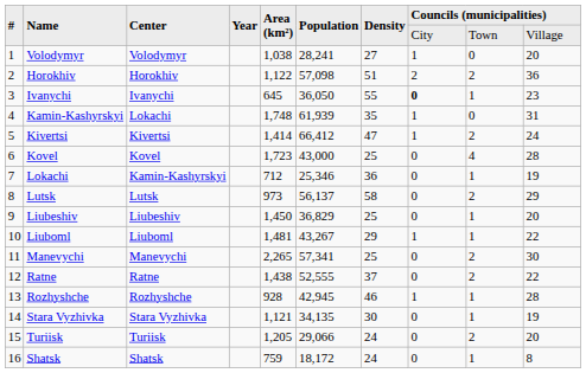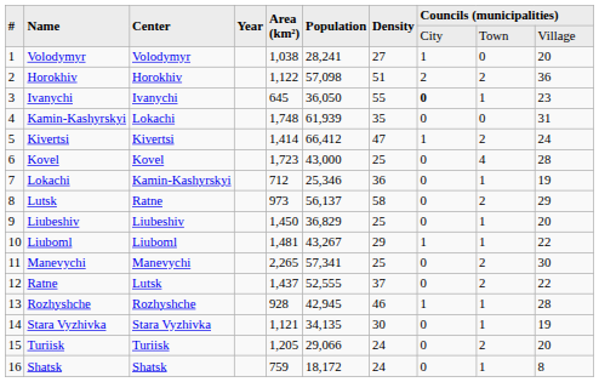 <table class="wikitable">
 <tr bgcolor="#ECECEC">
 <td rowspan=2><strong>#</strong></td>
 <td rowspan=2><strong>Name</strong></td>
 <td rowspan=2><strong>Center</strong></td>
 <td rowspan=2><strong>Year</strong></td>
 <td rowspan=2><strong>Area<br>(km²)</strong></td>
 <td rowspan=2><strong>Population</strong></td>
 <td rowspan=2><strong>Density</strong></td>
 <td colspan=3><strong>Councils (municipalities)</strong></td>
 </tr>
 <tr bgcolor="#ECECEC">
 <td width=10%>City</td>
 <td width=10%>Town</td>
 <td width=10%>Village</td>
 </tr>
 <tr>
 <td>1</td>
 <td><a href='#'>Volodymyr</a></td>
 <td><a href='#'>Volodymyr</a></td>
 <td></td>
 <td>1,038</td>
 <td>28,241</td>
 <td>27</td>
 <td>1</td>
 <td>0</td>
 <td>20</td>
 </tr>
 <tr>
 <td>2</td>
 <td><a href='#'>Horokhiv</a></td>
 <td><a href='#'>Horokhiv</a></td>
 <td></td>
 <td>1,122</td>
 <td>57,098</td>
 <td>51</td>
 <td>2</td>
 <td>2</td>
 <td>36</td>
 </tr>
 <tr>
 <td>3</td>
 <td><a href='#'>Ivanychi</a></td>
 <td><a href='#'>Ivanychi</a></td>
 <td></td>
 <td>645</td>
 <td>36,050</td>
 <td>55</td>
 <td><strong>0</strong></td>
 <td>1</td>
 <td>23</td>
 </tr>
 <tr>
 <td>4</td>
 <td><a href='#'>Kamin-Kashyrskyi</a></td>
 <td><a href='#'>Lokachi</a></td>
 <td></td>
 <td>1,748</td>
 <td>61,939</td>
 <td>35</td>
-<td>1</td>
+<td>0</td>
 <td>0</td>
 <td>31</td>
 </tr>
 <tr>
 <td>5</td>
 <td><a href='#'>Kivertsi</a></td>
 <td><a href='#'>Kivertsi</a></td>
 <td></td>
 <td>1,414</td>
 <td>66,412</td>
 <td>47</td>
 <td>1</td>
 <td>2</td>
 <td>24</td>
 </tr>
 <tr>
 <td>6</td>
 <td><a href='#'>Kovel</a></td>
 <td><a href='#'>Kovel</a></td>
 <td></td>
 <td>1,723</td>
 <td>43,000</td>
 <td>25</td>
 <td>0</td>
 <td>4</td>
 <td>28</td>
 </tr>
 <tr>
 <td>7</td>
 <td><a href='#'>Lokachi</a></td>
 <td><a href='#'>Kamin-Kashyrskyi</a></td>
 <td></td>
 <td>712</td>
 <td>25,346</td>
 <td>36</td>
 <td>0</td>
 <td>1</td>
 <td>19</td>
 </tr>
 <tr>
 <td>8</td>
 <td><a href='#'>Lutsk</a></td>
-<td><a href='#'>Lutsk</a></td>
+<td><a href='#'>Ratne</a></td>
 <td></td>
 <td>973</td>
 <td>56,137</td>
 <td>58</td>
 <td>0</td>
 <td>2</td>
 <td>29</td>
 </tr>
 <tr>
 <td>9</td>
 <td><a href='#'>Liubeshiv</a></td>
 <td><a href='#'>Liubeshiv</a></td>
 <td></td>
 <td>1,450</td>
 <td>36,829</td>
 <td>25</td>
 <td>0</td>
 <td>1</td>
 <td>20</td>
 </tr>
 <tr>
 <td>10</td>
 <td><a href='#'>Liuboml</a></td>
 <td><a href='#'>Liuboml</a></td>
 <td></td>
 <td>1,481</td>
 <td>43,267</td>
 <td>29</td>
 <td>1</td>
 <td>1</td>
 <td>22</td>
 </tr>
 <tr>
 <td>11</td>
 <td><a href='#'>Manevychi</a></td>
 <td><a href='#'>Manevychi</a></td>
 <td></td>
 <td>2,265</td>
 <td>57,341</td>
 <td>25</td>
 <td>0</td>
 <td>2</td>
 <td>30</td>
 </tr>
 <tr>
 <td>12</td>
 <td><a href='#'>Ratne</a></td>
-<td><a href='#'>Ratne</a></td>
+<td><a href='#'>Lutsk</a></td>
 <td></td>
-<td>1,438</td>
+<td>1,437</td>
 <td>52,555</td>
 <td>37</td>
 <td>0</td>
 <td>2</td>
 <td>22</td>
 </tr>
 <tr>
 <td>13</td>
 <td><a href='#'>Rozhyshche</a></td>
 <td><a href='#'>Rozhyshche</a></td>
 <td></td>
 <td>928</td>
 <td>42,945</td>
 <td>46</td>
 <td>1</td>
 <td>1</td>
 <td>28</td>
 </tr>
 <tr>
 <td>14</td>
 <td><a href='#'>Stara Vyzhivka</a></td>
 <td><a href='#'>Stara Vyzhivka</a></td>
 <td></td>
 <td>1,121</td>
 <td>34,135</td>
 <td>30</td>
 <td>0</td>
 <td>1</td>
 <td>19</td>
 </tr>
 <tr>
 <td>15</td>
 <td><a href='#'>Turiisk</a></td>
 <td><a href='#'>Turiisk</a></td>
 <td></td>
 <td>1,205</td>
 <td>29,066</td>
 <td>24</td>
 <td>0</td>
 <td>2</td>
 <td>20</td>
 </tr>
 <tr>
 <td>16</td>
 <td><a href='#'>Shatsk</a></td>
 <td><a href='#'>Shatsk</a></td>
 <td></td>
 <td>759</td>
 <td>18,172</td>
 <td>24</td>
 <td>0</td>
 <td>1</td>
 <td>8</td>
 </tr>
 </table>
